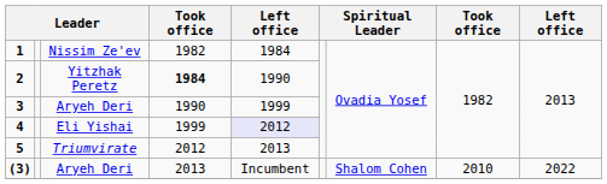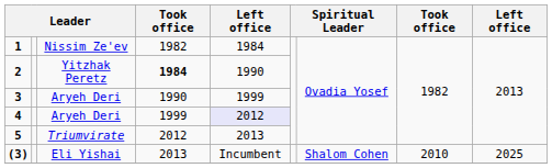 <table class="wikitable" style="text-align:center">
 <tr>
 <th colspan="3">Leader</th>
 <th>Took office</th>
 <th>Left office</th>
 <th colspan="2">Spiritual Leader</th>
 <th>Took office</th>
 <th>Left office</th>
 </tr>
 <tr>
 <td style="background: "><strong>1</strong></td>
 <td></td>
 <td><a href='#'>Nissim Ze'ev</a></td>
 <td>1982</td>
 <td>1984</td>
 <td rowspan="5"></td>
 <td rowspan="5"><a href='#'>Ovadia Yosef</a></td>
 <td rowspan="5">1982</td>
 <td rowspan="5">2013</td>
 </tr>
 <tr>
 <td style="background: "><strong>2</strong></td>
 <td></td>
 <td><a href='#'>Yitzhak Peretz</a></td>
 <td><strong>1984</strong></td>
 <td>1990</td>
 </tr>
 <tr>
 <td style="background: "><strong>3</strong></td>
 <td></td>
 <td><a href='#'>Aryeh Deri</a></td>
 <td>1990</td>
 <td>1999</td>
 </tr>
 <tr>
 <td style="background: "><strong>4</strong></td>
 <td></td>
-<td><a href='#'>Eli Yishai</a></td>
+<td><a href='#'>Aryeh Deri</a></td>
 <td>1999</td>
 <td style="background: lavender;">2012</td>
 </tr>
 <tr>
 <td style="background: "><strong>5</strong></td>
 <td> <br></td>
 <td><em><a href='#'>Triumvirate</a></em></td>
 <td>2012</td>
 <td>2013</td>
 </tr>
 <tr>
 <td style="background: "><strong>(3)</strong></td>
 <td></td>
-<td><a href='#'>Aryeh Deri</a></td>
+<td><a href='#'>Eli Yishai</a></td>
 <td>2013</td>
 <td>Incumbent</td>
 <td></td>
 <td><a href='#'>Shalom Cohen</a></td>
 <td>2010</td>
-<td>2022</td>
+<td>2025</td>
 </tr>
 <tr>
 </tr>
 </table>
